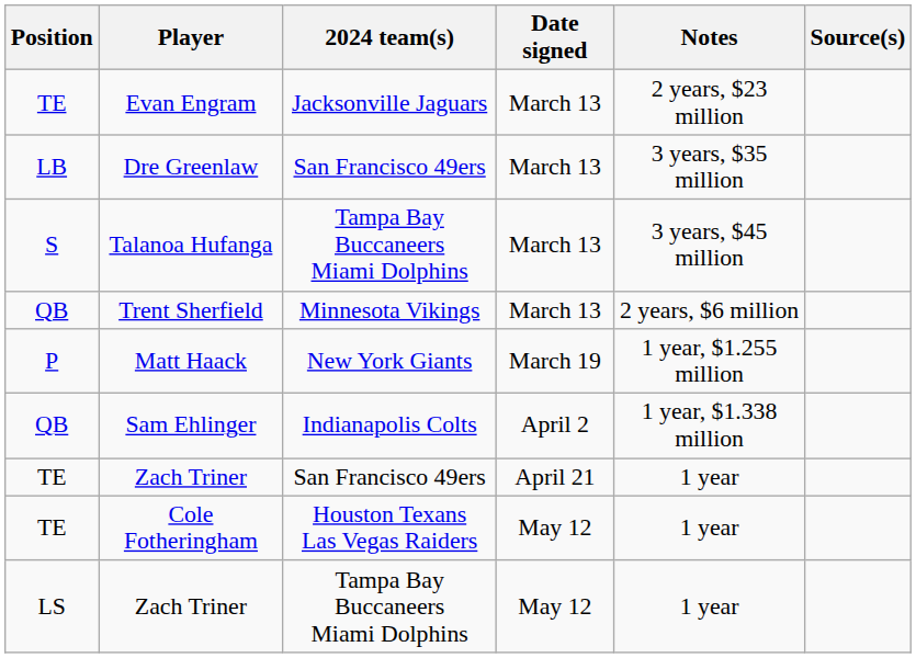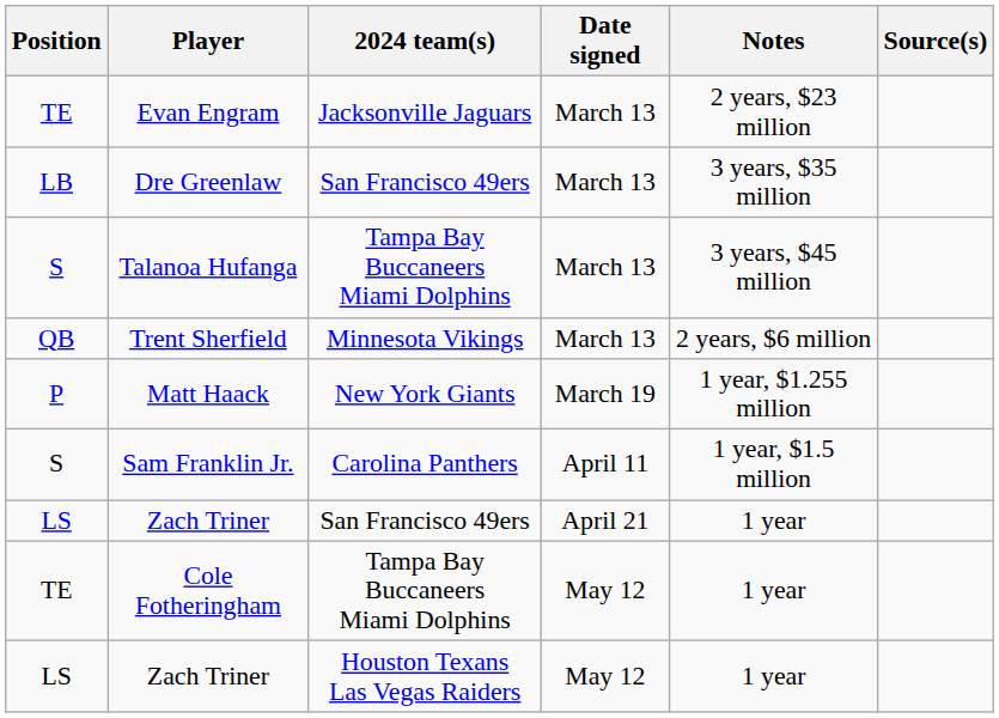 <table class="wikitable" style="text-align:center">
 <tr>
 <th>Position</th>
 <th>Player</th>
 <th>2024 team(s)</th>
 <th>Date signed</th>
 <th>Notes</th>
 <th>Source(s)</th>
 </tr>
 <tr style="background:#">
 <td><a href='#'>TE</a></td>
 <td><a href='#'>Evan Engram</a></td>
 <td><a href='#'>Jacksonville Jaguars</a></td>
 <td>March 13</td>
 <td>2 years, $23 million</td>
 <td></td>
 </tr>
 <tr>
 <td><a href='#'>LB</a></td>
 <td><a href='#'>Dre Greenlaw</a></td>
 <td><a href='#'>San Francisco 49ers</a></td>
 <td>March 13</td>
 <td>3 years, $35 million</td>
 <td></td>
 </tr>
 <tr>
 <td><a href='#'>S</a></td>
 <td><a href='#'>Talanoa Hufanga</a></td>
 <td><a href='#'>Tampa Bay Buccaneers</a><br><a href='#'>Miami Dolphins</a></td>
 <td>March 13</td>
 <td>3 years, $45 million</td>
 <td></td>
 </tr>
 <tr>
 <td><a href='#'>QB</a></td>
 <td><a href='#'>Trent Sherfield</a></td>
 <td><a href='#'>Minnesota Vikings</a></td>
 <td>March 13</td>
 <td>2 years, $6 million</td>
 <td></td>
 </tr>
 <tr>
 <td><a href='#'>P</a></td>
 <td><a href='#'>Matt Haack</a></td>
 <td><a href='#'>New York Giants</a></td>
 <td>March 19</td>
 <td>1 year, $1.255 million</td>
 <td></td>
 </tr>
 <tr>
-<td><a href='#'>QB</a></td>
-<td><a href='#'>Sam Ehlinger</a></td>
-<td><a href='#'>Indianapolis Colts</a></td>
-<td>April 2</td>
-<td>1 year, $1.338 million</td>
+<td>S</td>
+<td><a href='#'>Sam Franklin Jr.</a></td>
+<td><a href='#'>Carolina Panthers</a></td>
+<td>April 11</td>
+<td>1 year, $1.5 million</td>
 <td></td>
 </tr>
 <tr>
-<td>TE</td>
+<td><a href='#'>LS</a></td>
 <td><a href='#'>Zach Triner</a></td>
 <td>San Francisco 49ers</td>
 <td>April 21</td>
 <td>1 year</td>
 <td></td>
 </tr>
 <tr>
 <td>TE</td>
 <td><a href='#'>Cole Fotheringham</a></td>
-<td><a href='#'>Houston Texans</a><br><a href='#'>Las Vegas Raiders</a></td>
+<td>Tampa Bay Buccaneers<br>Miami Dolphins</td>
 <td>May 12</td>
 <td>1 year</td>
 <td></td>
 </tr>
 <tr>
 <td>LS</td>
 <td>Zach Triner</td>
-<td>Tampa Bay Buccaneers<br>Miami Dolphins</td>
+<td><a href='#'>Houston Texans</a><br><a href='#'>Las Vegas Raiders</a></td>
 <td>May 12</td>
 <td>1 year</td>
 <td></td>
 </tr>
 </table>
